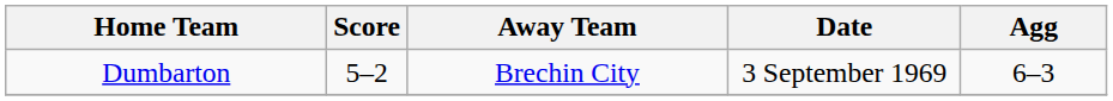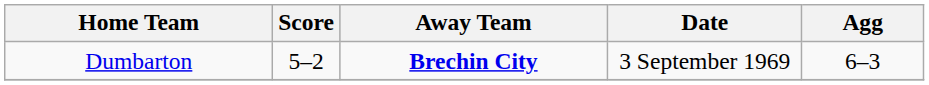 <table class="wikitable" style="text-align:center;">
 <tr>
 <th width=175>Home Team</th>
 <th width=20>Score</th>
 <th width=175>Away Team</th>
 <th width= 125>Date</th>
 <th width= 75>Agg</th>
 </tr>
 <tr>
 <td><a href='#'>Dumbarton</a></td>
 <td>5–2</td>
-<td><a href='#'>Brechin City</a></td>
+<td><strong><a href='#'>Brechin City</a></strong></td>
 <td>3 September 1969</td>
 <td>6–3</td>
 </tr>
 <tr>
 </tr>
 </table>
